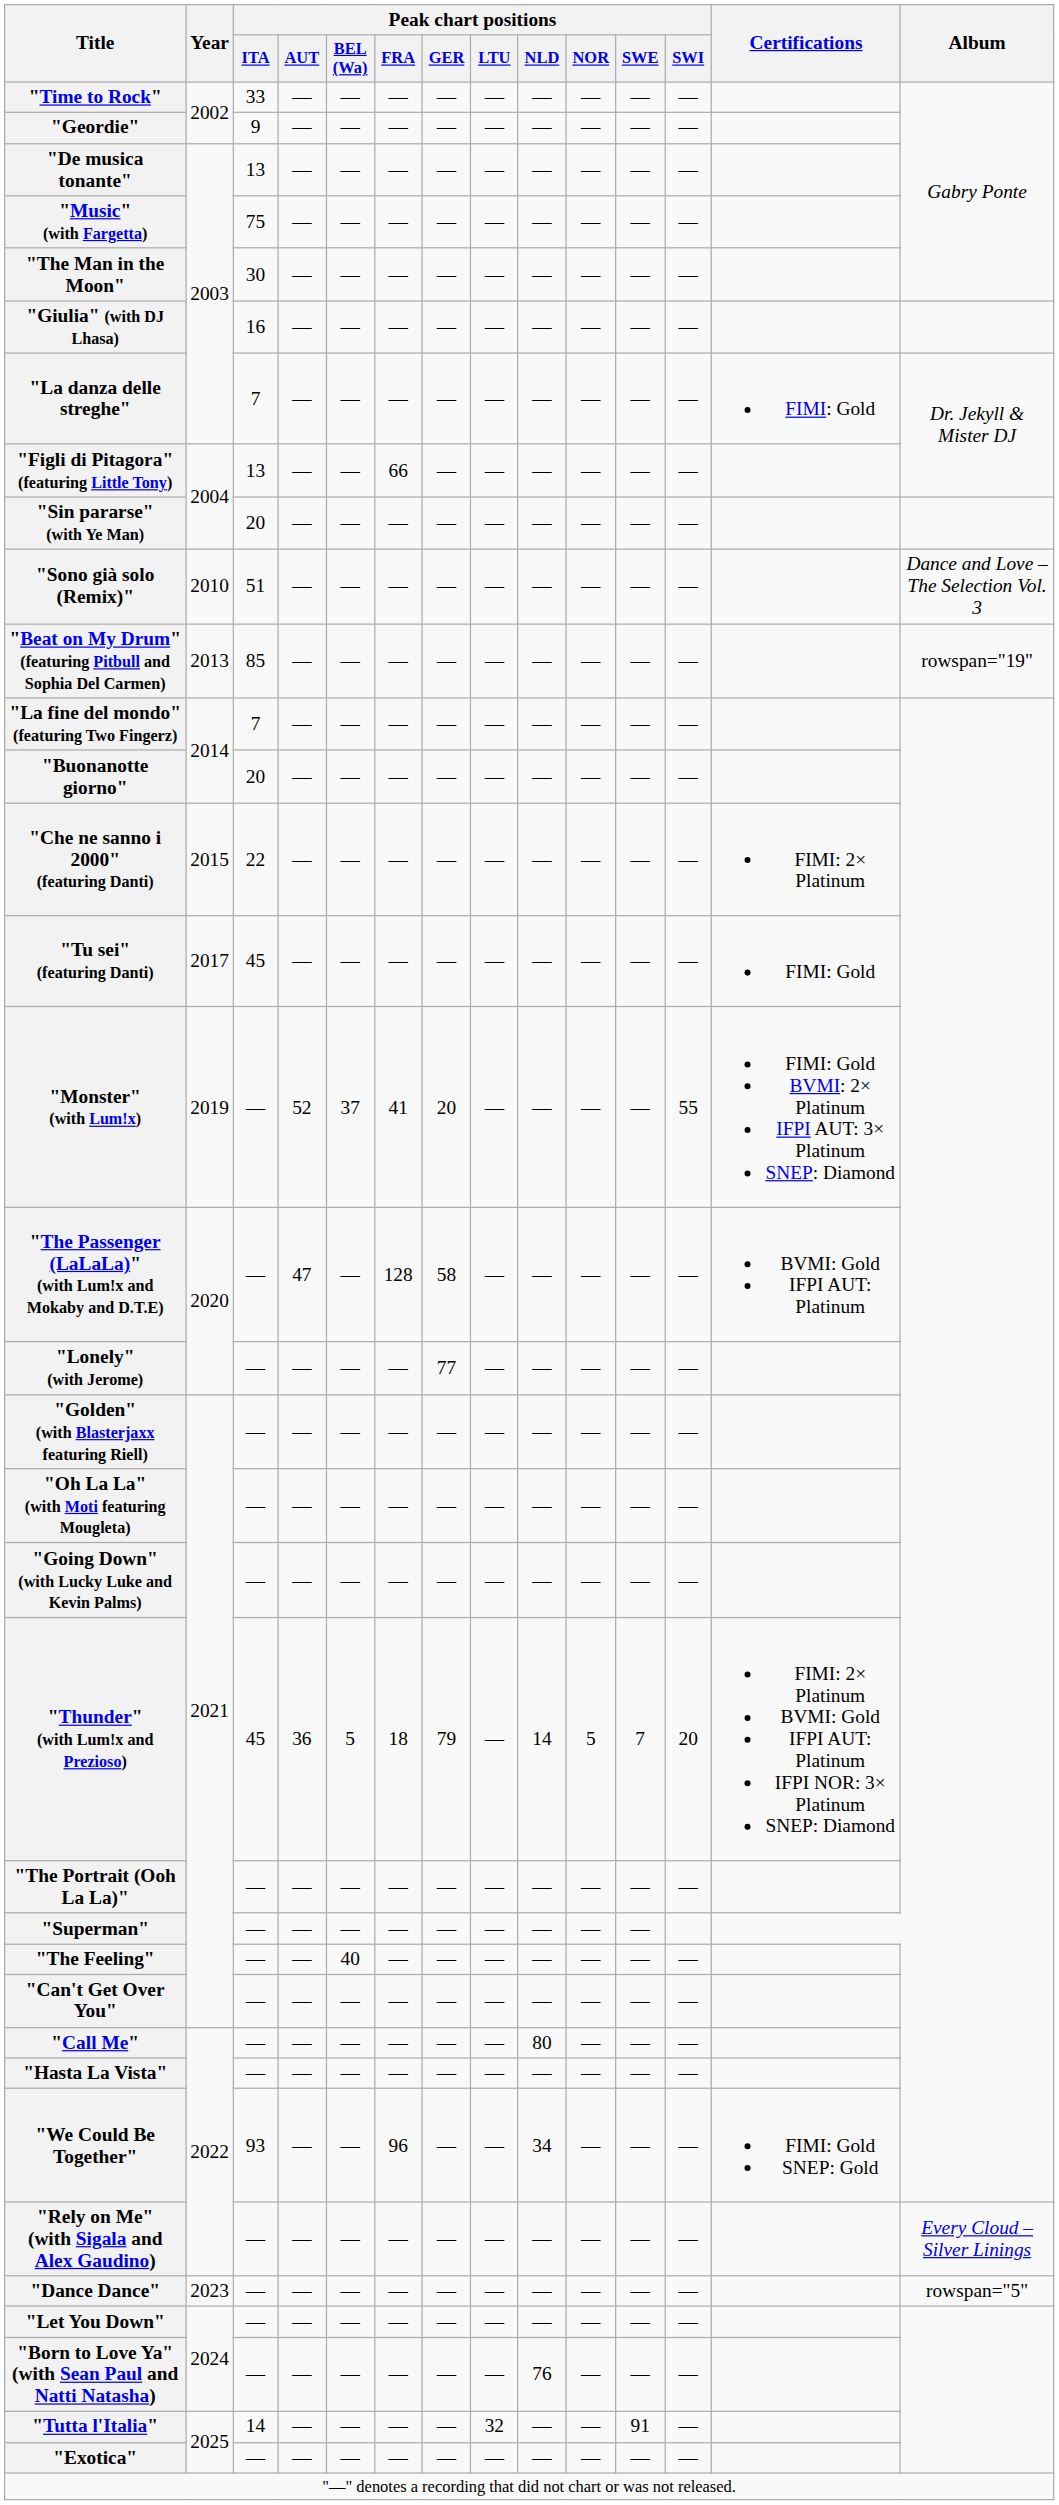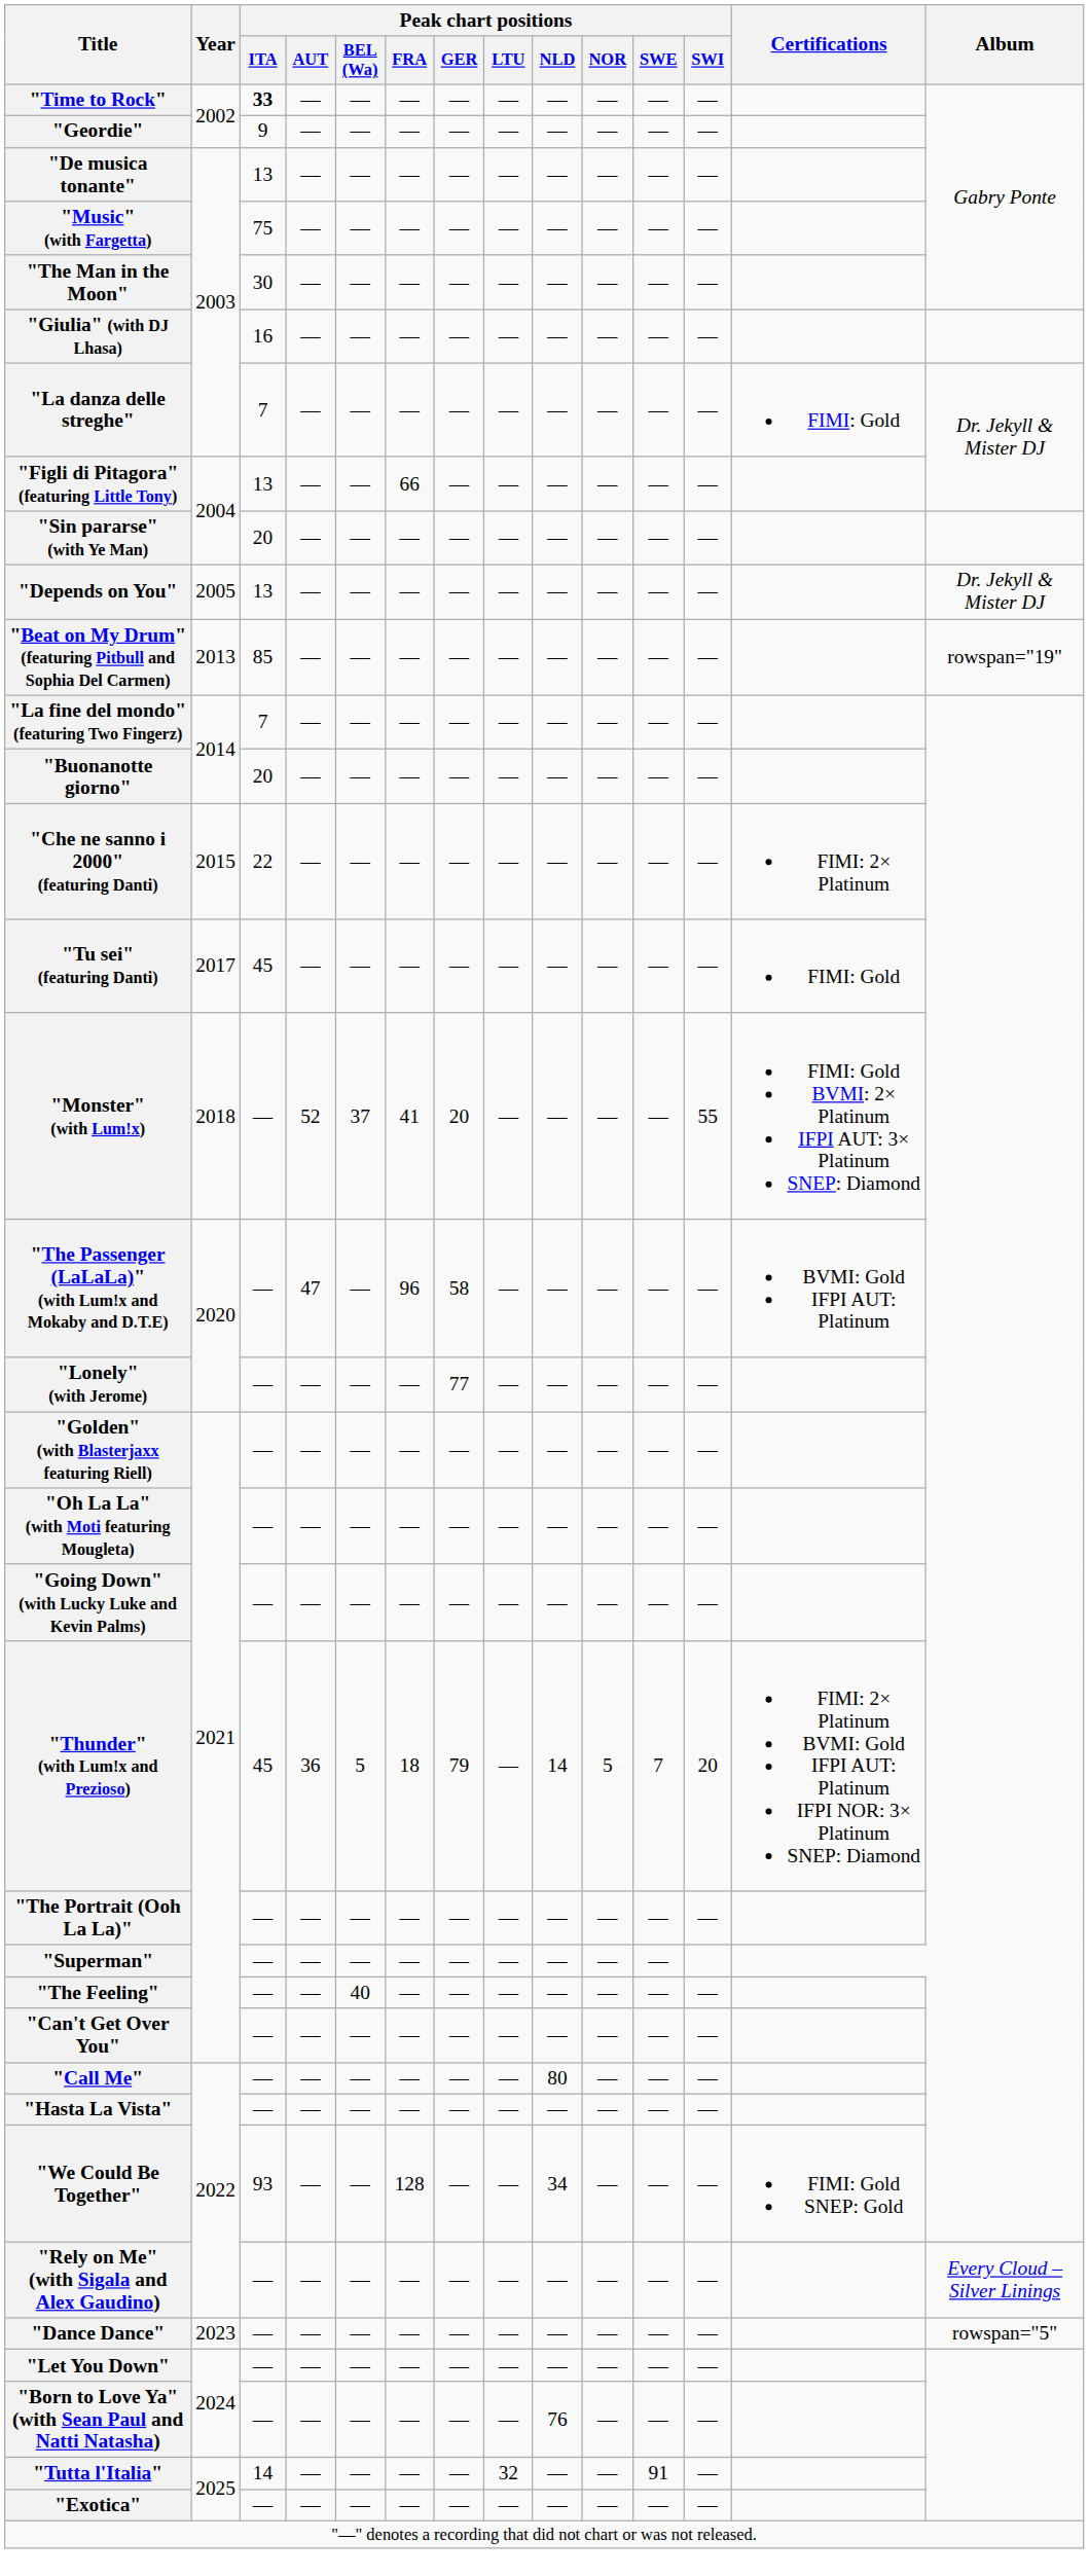 <table class="wikitable plainrowheaders" style="text-align:center;">
 <tr>
 <th scope="col" rowspan="2" style="width:14em;">Title</th>
 <th scope="col" rowspan="2" style="width:2em;">Year</th>
 <th scope="col" colspan="10">Peak chart positions</th>
 <th scope="col" rowspan="2" style="width:14em;"><a href='#'>Certifications</a></th>
 <th scope="col" rowspan="2" style="width:10em;">Album</th>
 </tr>
 <tr>
 <th scope="col" style="width:3em;font-size:85%;"><a href='#'>ITA</a><br></th>
 <th scope="col" style="width:3em;font-size:85%;"><a href='#'>AUT</a><br></th>
 <th scope="col" style="width:3em;font-size:85%;"><a href='#'>BEL<br>(Wa)</a><br></th>
 <th scope="col" style="width:3em;font-size:85%;"><a href='#'>FRA</a><br></th>
 <th scope="col" style="width:3em;font-size:85%;"><a href='#'>GER</a><br></th>
 <th scope="col" style="width:3em;font-size:85%;"><a href='#'>LTU</a><br></th>
 <th scope="col" style="width:3em;font-size:85%;"><a href='#'>NLD</a><br></th>
 <th scope="col" style="width:3em;font-size:85%;"><a href='#'>NOR</a><br></th>
 <th scope="col" style="width:3em;font-size:85%;"><a href='#'>SWE</a><br></th>
 <th scope="col" style="width:3em;font-size:85%;"><a href='#'>SWI</a><br></th>
 </tr>
 <tr>
 <th scope="row">"<a href='#'>Time to Rock</a>"</th>
 <td rowspan=2>2002</td>
-<td>33</td>
+<td><strong>33</strong></td>
 <td>—</td>
 <td>—</td>
 <td>—</td>
 <td>—</td>
 <td>—</td>
 <td>—</td>
 <td>—</td>
 <td>—</td>
 <td>—</td>
 <td></td>
 <td rowspan=5><em>Gabry Ponte</em></td>
 </tr>
 <tr>
 <th scope="row">"Geordie"</th>
 <td>9</td>
 <td>—</td>
 <td>—</td>
 <td>—</td>
 <td>—</td>
 <td>—</td>
 <td>—</td>
 <td>—</td>
 <td>—</td>
 <td>—</td>
 <td></td>
 </tr>
 <tr>
 <th scope="row">"De musica tonante"</th>
 <td rowspan=5>2003</td>
 <td>13</td>
 <td>—</td>
 <td>—</td>
 <td>—</td>
 <td>—</td>
 <td>—</td>
 <td>—</td>
 <td>—</td>
 <td>—</td>
 <td>—</td>
 <td></td>
 </tr>
 <tr>
 <th scope="row">"<a href='#'>Music</a>" <br><small>(with <a href='#'>Fargetta</a>)</small></th>
 <td>75</td>
 <td>—</td>
 <td>—</td>
 <td>—</td>
 <td>—</td>
 <td>—</td>
 <td>—</td>
 <td>—</td>
 <td>—</td>
 <td>—</td>
 <td></td>
 </tr>
 <tr>
 <th scope="row">"The Man in the Moon"</th>
 <td>30</td>
 <td>—</td>
 <td>—</td>
 <td>—</td>
 <td>—</td>
 <td>—</td>
 <td>—</td>
 <td>—</td>
 <td>—</td>
 <td>—</td>
 <td></td>
 </tr>
 <tr>
 <th scope="row">"Giulia" <small>(with DJ Lhasa)</small></th>
 <td>16</td>
 <td>—</td>
 <td>—</td>
 <td>—</td>
 <td>—</td>
 <td>—</td>
 <td>—</td>
 <td>—</td>
 <td>—</td>
 <td>—</td>
 <td></td>
 <td></td>
 </tr>
 <tr>
 <th scope="row">"La danza delle streghe"</th>
 <td>7</td>
 <td>—</td>
 <td>—</td>
 <td>—</td>
 <td>—</td>
 <td>—</td>
 <td>—</td>
 <td>—</td>
 <td>—</td>
 <td>—</td>
 <td><br><ul><li><a href='#'>FIMI</a>: Gold</li></ul></td>
 <td rowspan=2><em>Dr. Jekyll & Mister DJ</em></td>
 </tr>
 <tr>
 <th scope="row">"Figli di Pitagora"<br><small>(featuring <a href='#'>Little Tony</a>)</small></th>
 <td rowspan=2>2004</td>
 <td>13</td>
 <td>—</td>
 <td>—</td>
 <td>66</td>
 <td>—</td>
 <td>—</td>
 <td>—</td>
 <td>—</td>
 <td>—</td>
 <td>—</td>
 <td></td>
 </tr>
 <tr>
 <th scope="row">"Sin pararse" <br><small>(with Ye Man)</small></th>
 <td>20</td>
 <td>—</td>
 <td>—</td>
 <td>—</td>
 <td>—</td>
 <td>—</td>
 <td>—</td>
 <td>—</td>
 <td>—</td>
 <td>—</td>
 <td></td>
 <td></td>
 </tr>
 <tr>
-<th scope="row">"Sono già solo (Remix)"</th>
-<td>2010</td>
-<td>51</td>
+<th scope="row">"Depends on You"</th>
+<td>2005</td>
+<td>13</td>
 <td>—</td>
 <td>—</td>
 <td>—</td>
 <td>—</td>
 <td>—</td>
 <td>—</td>
 <td>—</td>
 <td>—</td>
 <td>—</td>
 <td></td>
-<td><em>Dance and Love – The Selection Vol. 3</em></td>
+<td><em>Dr. Jekyll & Mister DJ</em></td>
 </tr>
 <tr>
 <th scope="row">"<a href='#'>Beat on My Drum</a>"<br><small>(featuring <a href='#'>Pitbull</a> and Sophia Del Carmen)</small></th>
 <td>2013</td>
 <td>85</td>
 <td>—</td>
 <td>—</td>
 <td>—</td>
 <td>—</td>
 <td>—</td>
 <td>—</td>
 <td>—</td>
 <td>—</td>
 <td>—</td>
 <td></td>
 <td>rowspan="19" </td>
 </tr>
 <tr>
 <th scope="row">"La fine del mondo"<br><small>(featuring Two Fingerz)</small></th>
 <td rowspan=2>2014</td>
 <td>7</td>
 <td>—</td>
 <td>—</td>
 <td>—</td>
 <td>—</td>
 <td>—</td>
 <td>—</td>
 <td>—</td>
 <td>—</td>
 <td>—</td>
 <td></td>
 </tr>
 <tr>
 <th scope="row">"Buonanotte giorno"</th>
 <td>20</td>
 <td>—</td>
 <td>—</td>
 <td>—</td>
 <td>—</td>
 <td>—</td>
 <td>—</td>
 <td>—</td>
 <td>—</td>
 <td>—</td>
 <td></td>
 </tr>
 <tr>
 <th scope="row">"Che ne sanno i 2000"<br><small>(featuring Danti)</small></th>
 <td>2015</td>
 <td>22</td>
 <td>—</td>
 <td>—</td>
 <td>—</td>
 <td>—</td>
 <td>—</td>
 <td>—</td>
 <td>—</td>
 <td>—</td>
 <td>—</td>
 <td><br><ul><li>FIMI: 2× Platinum</li></ul></td>
 </tr>
 <tr>
 <th scope="row">"Tu sei"<br><small>(featuring Danti)</small></th>
 <td>2017</td>
 <td>45</td>
 <td>—</td>
 <td>—</td>
 <td>—</td>
 <td>—</td>
 <td>—</td>
 <td>—</td>
 <td>—</td>
 <td>—</td>
 <td>—</td>
 <td><br><ul><li>FIMI: Gold</li></ul></td>
 </tr>
 <tr>
 <th scope="row">"Monster"<br><small>(with <a href='#'>Lum!x</a>)</small></th>
-<td>2019</td>
+<td>2018</td>
 <td>—</td>
 <td>52</td>
 <td>37</td>
 <td>41</td>
 <td>20</td>
 <td>—</td>
 <td>—</td>
 <td>—</td>
 <td>—</td>
 <td>55</td>
 <td><br><ul><li>FIMI: Gold</li><li><a href='#'>BVMI</a>: 2× Platinum</li><li><a href='#'>IFPI</a> AUT: 3× Platinum</li><li><a href='#'>SNEP</a>: Diamond</li></ul></td>
 </tr>
 <tr>
 <th scope="row">"<a href='#'>The Passenger (LaLaLa)</a>"<br><small>(with Lum!x and Mokaby and D.T.E)</small></th>
 <td rowspan=2>2020</td>
 <td>—</td>
 <td>47</td>
 <td>—</td>
-<td>128</td>
+<td>96</td>
 <td>58</td>
 <td>—</td>
 <td>—</td>
 <td>—</td>
 <td>—</td>
 <td>—</td>
 <td><br><ul><li>BVMI: Gold</li><li>IFPI AUT: Platinum</li></ul></td>
 </tr>
 <tr>
 <th scope="row">"Lonely"<br><small>(with Jerome)</small></th>
 <td>—</td>
 <td>—</td>
 <td>—</td>
 <td>—</td>
 <td>77</td>
 <td>—</td>
 <td>—</td>
 <td>—</td>
 <td>—</td>
 <td>—</td>
 <td></td>
 </tr>
 <tr>
 <th scope="row">"Golden" <br><small>(with <a href='#'>Blasterjaxx</a> featuring Riell)</small></th>
 <td rowspan="8">2021</td>
 <td>—</td>
 <td>—</td>
 <td>—</td>
 <td>—</td>
 <td>—</td>
 <td>—</td>
 <td>—</td>
 <td>—</td>
 <td>—</td>
 <td>—</td>
 <td></td>
 </tr>
 <tr>
 <th scope="row">"Oh La La" <br><small>(with <a href='#'>Moti</a> featuring Mougleta)</small></th>
 <td>—</td>
 <td>—</td>
 <td>—</td>
 <td>—</td>
 <td>—</td>
 <td>—</td>
 <td>—</td>
 <td>—</td>
 <td>—</td>
 <td>—</td>
 <td></td>
 </tr>
 <tr>
 <th scope="row">"Going Down" <br><small>(with Lucky Luke and Kevin Palms)</small></th>
 <td>—</td>
 <td>—</td>
 <td>—</td>
 <td>—</td>
 <td>—</td>
 <td>—</td>
 <td>—</td>
 <td>—</td>
 <td>—</td>
 <td>—</td>
 <td></td>
 </tr>
 <tr>
 <th scope="row">"<a href='#'>Thunder</a>"<br><small>(with Lum!x and <a href='#'>Prezioso</a>)</small></th>
 <td>45</td>
 <td>36</td>
 <td>5</td>
 <td>18</td>
 <td>79</td>
 <td>—</td>
 <td>14</td>
 <td>5</td>
 <td>7</td>
 <td>20</td>
 <td><br><ul><li>FIMI: 2× Platinum</li><li>BVMI: Gold</li><li>IFPI AUT: Platinum</li><li>IFPI NOR: 3× Platinum</li><li>SNEP: Diamond</li></ul></td>
 </tr>
 <tr>
 <th scope="row">"The Portrait (Ooh La La)" <br></th>
 <td>—</td>
 <td>—</td>
 <td>—</td>
 <td>—</td>
 <td>—</td>
 <td>—</td>
 <td>—</td>
 <td>—</td>
 <td>—</td>
 <td>—</td>
 <td></td>
 </tr>
 <tr>
 <th scope="row">"Superman" <br></th>
 <td>—</td>
 <td>—</td>
 <td>—</td>
 <td>—</td>
 <td>—</td>
 <td>—</td>
 <td>—</td>
 <td>—</td>
 <td>—</td>
 <td></td>
 </tr>
 <tr>
 <th scope="row">"The Feeling" <br></th>
 <td>—</td>
 <td>—</td>
 <td>40</td>
 <td>—</td>
 <td>—</td>
 <td>—</td>
 <td>—</td>
 <td>—</td>
 <td>—</td>
 <td>—</td>
 <td></td>
 </tr>
 <tr>
 <th scope="row">"Can't Get Over You" <br></th>
 <td>—</td>
 <td>—</td>
 <td>—</td>
 <td>—</td>
 <td>—</td>
 <td>—</td>
 <td>—</td>
 <td>—</td>
 <td>—</td>
 <td>—</td>
 <td></td>
 </tr>
 <tr>
 <th scope="row">"<a href='#'>Call Me</a>"<br></th>
 <td rowspan="4">2022</td>
 <td>—</td>
 <td>—</td>
 <td>—</td>
 <td>—</td>
 <td>—</td>
 <td>—</td>
 <td>80</td>
 <td>—</td>
 <td>—</td>
 <td>—</td>
 <td></td>
 </tr>
 <tr>
 <th scope="row">"Hasta La Vista" <br></th>
 <td>—</td>
 <td>—</td>
 <td>—</td>
 <td>—</td>
 <td>—</td>
 <td>—</td>
 <td>—</td>
 <td>—</td>
 <td>—</td>
 <td>—</td>
 <td></td>
 </tr>
 <tr>
 <th scope="row">"We Could Be Together"<br></th>
 <td>93</td>
 <td>—</td>
 <td>—</td>
-<td>96</td>
+<td>128</td>
 <td>—</td>
 <td>—</td>
 <td>34</td>
 <td>—</td>
 <td>—</td>
 <td>—</td>
 <td><br><ul><li>FIMI: Gold</li><li>SNEP: Gold</li></ul></td>
 </tr>
 <tr>
 <th scope="row">"Rely on Me"<br><span>(with <a href='#'>Sigala</a> and <a href='#'>Alex Gaudino</a>)</span></th>
 <td>—</td>
 <td>—</td>
 <td>—</td>
 <td>—</td>
 <td>—</td>
 <td>—</td>
 <td>—</td>
 <td>—</td>
 <td>—</td>
 <td>—</td>
 <td></td>
 <td><em><a href='#'>Every Cloud – Silver Linings</a></em></td>
 </tr>
 <tr>
 <th scope="row">"Dance Dance"<br></th>
 <td>2023</td>
 <td>—</td>
 <td>—</td>
 <td>—</td>
 <td>—</td>
 <td>—</td>
 <td>—</td>
 <td>—</td>
 <td>—</td>
 <td>—</td>
 <td>—</td>
 <td></td>
 <td>rowspan="5" </td>
 </tr>
 <tr>
 <th scope="row">"Let You Down"<br></th>
 <td rowspan="2">2024</td>
 <td>—</td>
 <td>—</td>
 <td>—</td>
 <td>—</td>
 <td>—</td>
 <td>—</td>
 <td>—</td>
 <td>—</td>
 <td>—</td>
 <td>—</td>
 <td></td>
 </tr>
 <tr>
 <th scope="row">"Born to Love Ya"<br><span>(with <a href='#'>Sean Paul</a> and <a href='#'>Natti Natasha</a>)</span></th>
 <td>—</td>
 <td>—</td>
 <td>—</td>
 <td>—</td>
 <td>—</td>
 <td>—</td>
 <td>76</td>
 <td>—</td>
 <td>—</td>
 <td>—</td>
 <td></td>
 </tr>
 <tr>
 <th scope="row">"<a href='#'>Tutta l'Italia</a>"</th>
 <td rowspan="2">2025</td>
 <td>14</td>
 <td>—</td>
 <td>—</td>
 <td>—</td>
 <td>—</td>
 <td>32</td>
 <td>—</td>
 <td>—</td>
 <td>91</td>
 <td>—</td>
 <td></td>
 </tr>
 <tr>
 <th scope="row">"Exotica"</th>
 <td>—</td>
 <td>—</td>
 <td>—</td>
 <td>—</td>
 <td>—</td>
 <td>—</td>
 <td>—</td>
 <td>—</td>
 <td>—</td>
 <td>—</td>
 <td></td>
 </tr>
 <tr>
 <td colspan="14" style="font-size:85%">"—" denotes a recording that did not chart or was not released.</td>
 </tr>
 </table>
